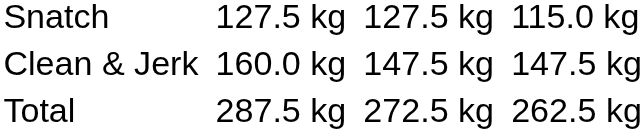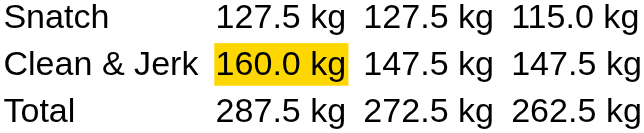 <table>
 <tr>
 <td>Snatch</td>
 <td></td>
 <td>127.5 kg</td>
 <td></td>
 <td>127.5 kg</td>
 <td></td>
 <td>115.0 kg</td>
 </tr>
 <tr>
 <td>Clean & Jerk</td>
 <td></td>
-<td>160.0 kg</td>
+<td style="background: gold;">160.0 kg</td>
 <td></td>
 <td>147.5 kg</td>
 <td></td>
 <td>147.5 kg</td>
 </tr>
 <tr>
 <td>Total</td>
 <td></td>
 <td>287.5 kg</td>
 <td></td>
 <td>272.5 kg</td>
 <td></td>
 <td>262.5 kg</td>
 </tr>
 </table>
